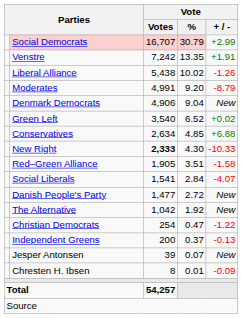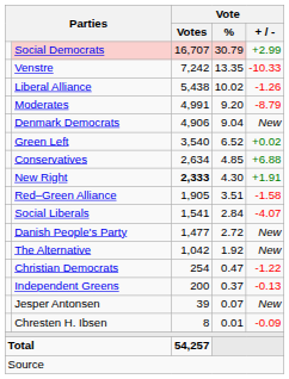 <table class="wikitable" style="text-align:right;">
 <tr>
 <th style="text-align:centre;" rowspan="2" colspan="2" width="225">Parties</th>
 <th colspan="3">Vote</th>
 </tr>
 <tr>
 <th width="15">Votes</th>
 <th width="15">%</th>
 <th width="15">+ / -</th>
 </tr>
 <tr>
 <td width="2" style="color:inherit;background:"></td>
 <td bgcolor=#fbd0ce  align="left"><a href='#'>Social Democrats</a></td>
 <td bgcolor=#fbd0ce>16,707</td>
 <td bgcolor=#fbd0ce>30.79</td>
 <td style=color:green;>+2.99</td>
 </tr>
 <tr>
 <td width="2" style="color:inherit;background:"></td>
 <td align="left"><a href='#'>Venstre</a></td>
 <td>7,242</td>
 <td>13.35</td>
-<td style=color:green;>+1.91</td>
+<td style=color:red;>-10.33</td>
 </tr>
 <tr>
 <td width="2" style="color:inherit;background:"></td>
 <td align="left"><a href='#'>Liberal Alliance</a></td>
 <td>5,438</td>
 <td>10.02</td>
 <td style=color:red;>-1.26</td>
 </tr>
 <tr>
 <td width="2" style="color:inherit;background:"></td>
 <td align="left"><a href='#'>Moderates</a></td>
 <td>4,991</td>
 <td>9.20</td>
 <td style=color:red;>-8.79</td>
 </tr>
 <tr>
 <td width="2" style="color:inherit;background:"></td>
 <td align="left"><a href='#'>Denmark Democrats</a></td>
 <td>4,906</td>
 <td>9.04</td>
 <td><em>New</em></td>
 </tr>
 <tr>
 <td width="2" style="color:inherit;background:"></td>
 <td align="left"><a href='#'>Green Left</a></td>
 <td>3,540</td>
 <td>6.52</td>
 <td style=color:green;>+0.02</td>
 </tr>
 <tr>
 <td width="2" style="color:inherit;background:"></td>
 <td align="left"><a href='#'>Conservatives</a></td>
 <td>2,634</td>
 <td>4.85</td>
 <td style=color:green;>+6.88</td>
 </tr>
 <tr>
 <td width="2" style="color:inherit;background:"></td>
 <td align="left"><a href='#'>New Right</a></td>
 <td><strong>2,333</strong></td>
 <td>4.30</td>
-<td style=color:red;>-10.33</td>
+<td style=color:green;>+1.91</td>
 </tr>
 <tr>
 <td width="2" style="color:inherit;background:"></td>
 <td align="left"><a href='#'>Red–Green Alliance</a></td>
 <td>1,905</td>
 <td>3.51</td>
 <td style=color:red;>-1.58</td>
 </tr>
 <tr>
 <td width="2" style="color:inherit;background:"></td>
 <td align="left"><a href='#'>Social Liberals</a></td>
 <td>1,541</td>
 <td>2.84</td>
 <td style=color:red;>-4.07</td>
 </tr>
 <tr>
 <td width="2" style="color:inherit;background:"></td>
 <td align="left"><a href='#'>Danish People's Party</a></td>
 <td>1,477</td>
 <td>2.72</td>
 <td><em>New</em></td>
 </tr>
 <tr>
 <td width="2" style="color:inherit;background:"></td>
 <td align="left"><a href='#'>The Alternative</a></td>
 <td>1,042</td>
 <td>1.92</td>
 <td><em>New</em></td>
 </tr>
 <tr>
 <td width="2" style="color:inherit;background:"></td>
 <td align="left"><a href='#'>Christian Democrats</a></td>
 <td>254</td>
 <td>0.47</td>
 <td style=color:red;>-1.22</td>
 </tr>
 <tr>
 <td width="2" style="color:inherit;background:"></td>
 <td align="left"><a href='#'>Independent Greens</a></td>
 <td>200</td>
 <td>0.37</td>
 <td style=color:red;>-0.13</td>
 </tr>
 <tr>
 <td width="2" style="color:inherit;background:"></td>
 <td align="left">Jesper Antonsen</td>
 <td>39</td>
 <td>0.07</td>
 <td><em>New</em></td>
 </tr>
 <tr>
 <td width="2" style="color:inherit;background:"></td>
 <td align="left">Chresten H. Ibsen</td>
 <td>8</td>
 <td>0.01</td>
 <td style=color:red;>-0.09</td>
 </tr>
 <tr>
 <td colspan="7" bgcolor="#E9E9E9"></td>
 </tr>
 <tr>
 <td align="left" colspan="2"><strong>Total</strong></td>
 <td><strong>54,257</strong></td>
 <td bgcolor="#E9E9E9" colspan="2"></td>
 </tr>
 <tr>
 <td align="left" colspan="6">Source</td>
 </tr>
 </table>
